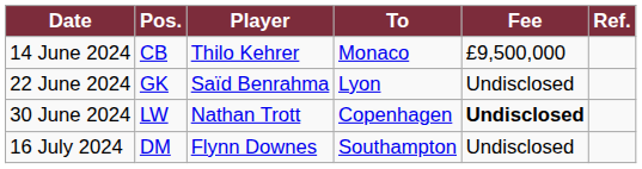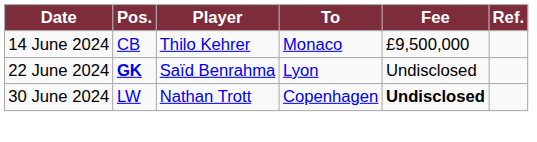 <table class="wikitable plainrowheaders sortable">
 <tr>
 <th style="background:#7C2C3B; color:#FFFFFF; ">Date</th>
 <th style="background:#7C2C3B; color:#FFFFFF; ">Pos.</th>
 <th style="background:#7C2C3B; color:#FFFFFF; ">Player</th>
 <th style="background:#7C2C3B; color:#FFFFFF; ">To</th>
 <th style="background:#7C2C3B; color:#FFFFFF; ">Fee</th>
 <th style="background:#7C2C3B; color:#FFFFFF; ">Ref.</th>
 </tr>
 <tr>
 <td>14 June 2024</td>
 <td><a href='#'>CB</a></td>
 <td> <a href='#'>Thilo Kehrer</a></td>
 <td> <a href='#'>Monaco</a></td>
 <td>£9,500,000</td>
 <td></td>
 </tr>
 <tr>
 <td>22 June 2024</td>
-<td><a href='#'>GK</a></td>
+<td><strong><a href='#'>GK</a></strong></td>
 <td> <a href='#'>Saïd Benrahma</a></td>
 <td> <a href='#'>Lyon</a></td>
 <td>Undisclosed</td>
 <td></td>
 </tr>
 <tr>
 <td>30 June 2024</td>
 <td><a href='#'>LW</a></td>
 <td> <a href='#'>Nathan Trott</a></td>
 <td> <a href='#'>Copenhagen</a></td>
 <td><strong>Undisclosed</strong></td>
 <td></td>
 </tr>
-<tr>
-<td>16 July 2024</td>
-<td><a href='#'>DM</a></td>
-<td> <a href='#'>Flynn Downes</a></td>
-<td> <a href='#'>Southampton</a></td>
-<td>Undisclosed</td>
-<td></td>
-</tr>
 </table>
